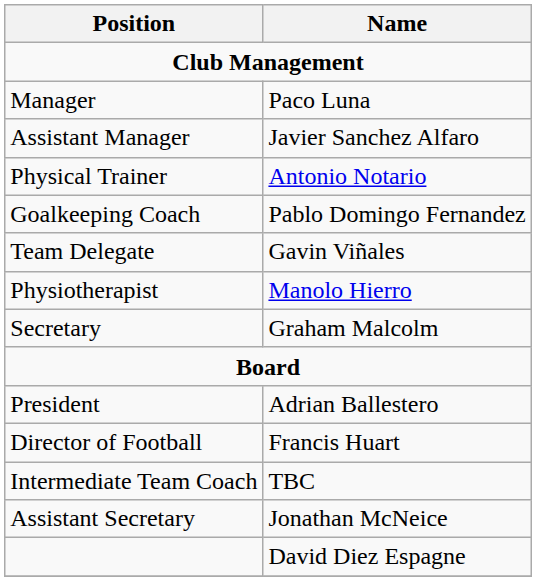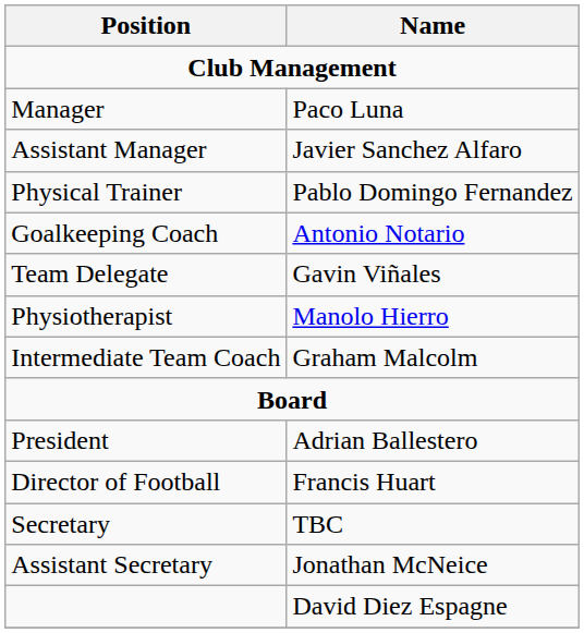 <table class="wikitable sortable" style="text-align:center;">
 <tr>
 <th>Position</th>
 <th>Name</th>
 </tr>
 <tr>
 <td colspan="2"><strong>Club Management</strong></td>
 </tr>
 <tr>
 <td align="left">Manager</td>
 <td align="left"> Paco Luna</td>
 </tr>
 <tr>
 <td align="left">Assistant Manager</td>
 <td align="left"> Javier Sanchez Alfaro</td>
 </tr>
 <tr>
 <td align="left">Physical Trainer</td>
-<td align="left"> <a href='#'>Antonio Notario</a></td>
+<td align="left"> Pablo Domingo Fernandez</td>
 </tr>
 <tr>
 <td align="left">Goalkeeping Coach</td>
-<td align="left"> Pablo Domingo Fernandez</td>
+<td align="left"> <a href='#'>Antonio Notario</a></td>
 </tr>
 <tr>
 <td align="left">Team Delegate</td>
 <td align="left"> Gavin Viñales</td>
 </tr>
 <tr>
 <td align="left">Physiotherapist</td>
 <td align="left"> <a href='#'>Manolo Hierro</a></td>
 </tr>
 <tr>
-<td align="left">Secretary</td>
+<td align="left">Intermediate Team Coach</td>
 <td align="left"> Graham Malcolm</td>
 </tr>
 <tr>
 <td colspan="2"><strong>Board</strong></td>
 </tr>
 <tr>
 <td align="left">President</td>
 <td align="left"> Adrian Ballestero</td>
 </tr>
 <tr>
 <td align="left">Director of Football</td>
 <td align="left"> Francis Huart</td>
 </tr>
 <tr>
-<td align="left">Intermediate Team Coach</td>
+<td align="left">Secretary</td>
 <td align="left">TBC</td>
 </tr>
 <tr>
 <td align="left">Assistant Secretary</td>
 <td align="left"> Jonathan McNeice</td>
 </tr>
 <tr>
 <td align="left"></td>
 <td align="left"> David Diez Espagne</td>
 </tr>
 <tr>
 </tr>
 </table>
